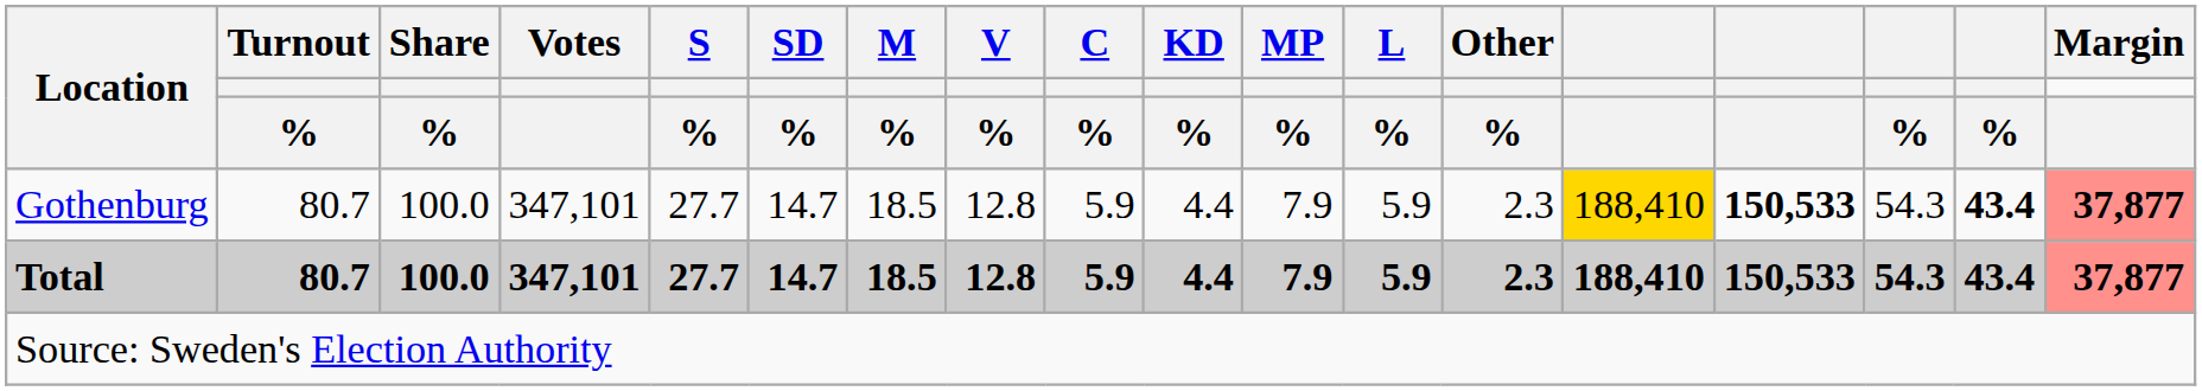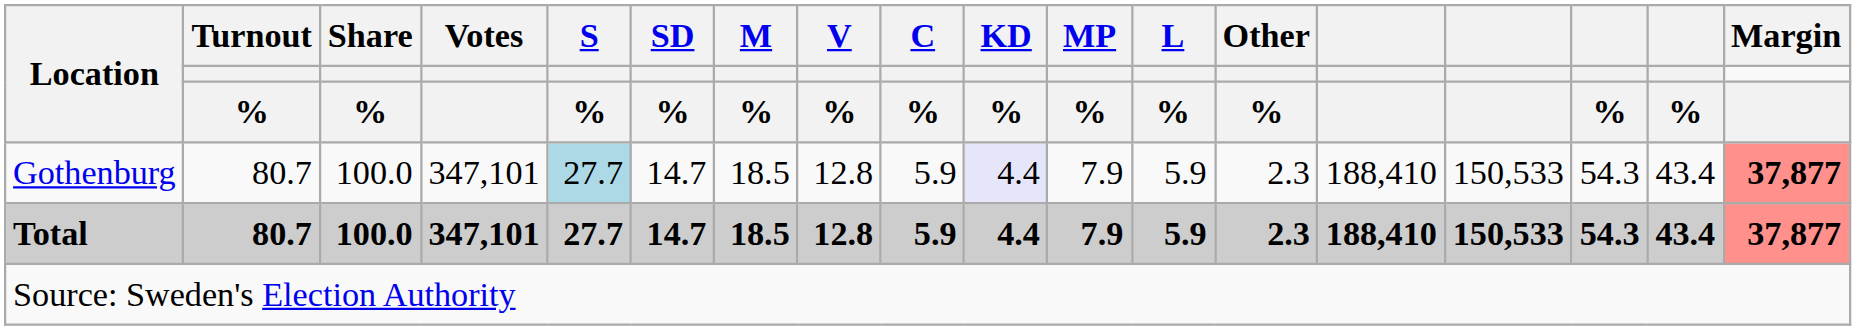 <table class="wikitable sortable" style="text-align:right; font-size:95%; line-height:20px;">
 <tr>
 <th rowspan="3">Location</th>
 <th>Turnout</th>
 <th>Share</th>
 <th>Votes</th>
 <th width="30px" class="unsortable"><a href='#'>S</a></th>
 <th width="30px" class="unsortable"><a href='#'>SD</a></th>
 <th width="30px" class="unsortable"><a href='#'>M</a></th>
 <th width="30px" class="unsortable"><a href='#'>V</a></th>
 <th width="30px" class="unsortable"><a href='#'>C</a></th>
 <th width="30px" class="unsortable"><a href='#'>KD</a></th>
 <th width="30px" class="unsortable"><a href='#'>MP</a></th>
 <th width="30px" class="unsortable"><a href='#'>L</a></th>
 <th width="30px" class="unsortable">Other</th>
 <th></th>
 <th></th>
 <th></th>
 <th></th>
 <th>Margin</th>
 </tr>
 <tr>
 <th></th>
 <th></th>
 <th></th>
 <th style="background:"></th>
 <th style="background:"></th>
 <th style="background:"></th>
 <th style="background:"></th>
 <th style="background:"></th>
 <th style="background:"></th>
 <th style="background:"></th>
 <th style="background:"></th>
 <th style="background:"></th>
 <th style="background:"></th>
 <th style="background:"></th>
 <th style="background:"></th>
 <th style="background:"></th>
 </tr>
 <tr>
 <th data-sort-type="number">%</th>
 <th data-sort-type="number">%</th>
 <th></th>
 <th data-sort-type="number">%</th>
 <th data-sort-type="number">%</th>
 <th data-sort-type="number">%</th>
 <th data-sort-type="number">%</th>
 <th data-sort-type="number">%</th>
 <th data-sort-type="number">%</th>
 <th data-sort-type="number">%</th>
 <th data-sort-type="number">%</th>
 <th data-sort-type="number">%</th>
 <th data-sort-type="number"></th>
 <th data-sort-type="number"></th>
 <th data-sort-type="number">%</th>
 <th data-sort-type="number">%</th>
 <th data-sort-type="number"></th>
 </tr>
 <tr>
 <td align="left"><a href='#'>Gothenburg</a></td>
 <td>80.7</td>
 <td>100.0</td>
 <td>347,101</td>
-<td>27.7</td>
+<td style="background: lightblue;">27.7</td>
 <td>14.7</td>
 <td>18.5</td>
 <td>12.8</td>
 <td>5.9</td>
-<td>4.4</td>
+<td style="background: lavender;">4.4</td>
 <td>7.9</td>
 <td>5.9</td>
 <td>2.3</td>
-<td style="background: gold;">188,410</td>
-<td><strong>150,533</strong></td>
+<td>188,410</td>
+<td>150,533</td>
 <td>54.3</td>
-<td><strong>43.4</strong></td>
+<td>43.4</td>
 <td bgcolor=#ff908c><strong>37,877</strong></td>
 </tr>
 <tr style="background:#CDCDCD;">
 <td align="left"><strong>Total</strong></td>
 <td><strong>80.7</strong></td>
 <td><strong>100.0</strong></td>
 <td><strong>347,101</strong></td>
 <td><strong>27.7</strong></td>
 <td><strong>14.7</strong></td>
 <td><strong>18.5</strong></td>
 <td><strong>12.8</strong></td>
 <td><strong>5.9</strong></td>
 <td><strong>4.4</strong></td>
 <td><strong>7.9</strong></td>
 <td><strong>5.9</strong></td>
 <td><strong>2.3</strong></td>
 <td><strong>188,410</strong></td>
 <td><strong>150,533</strong></td>
 <td><strong>54.3</strong></td>
 <td><strong>43.4</strong></td>
 <td bgcolor=#ff908c><strong>37,877</strong></td>
 </tr>
 <tr>
 <td colspan="18" align="left">Source: Sweden's <a href='#'>Election Authority</a></td>
 </tr>
 </table>
